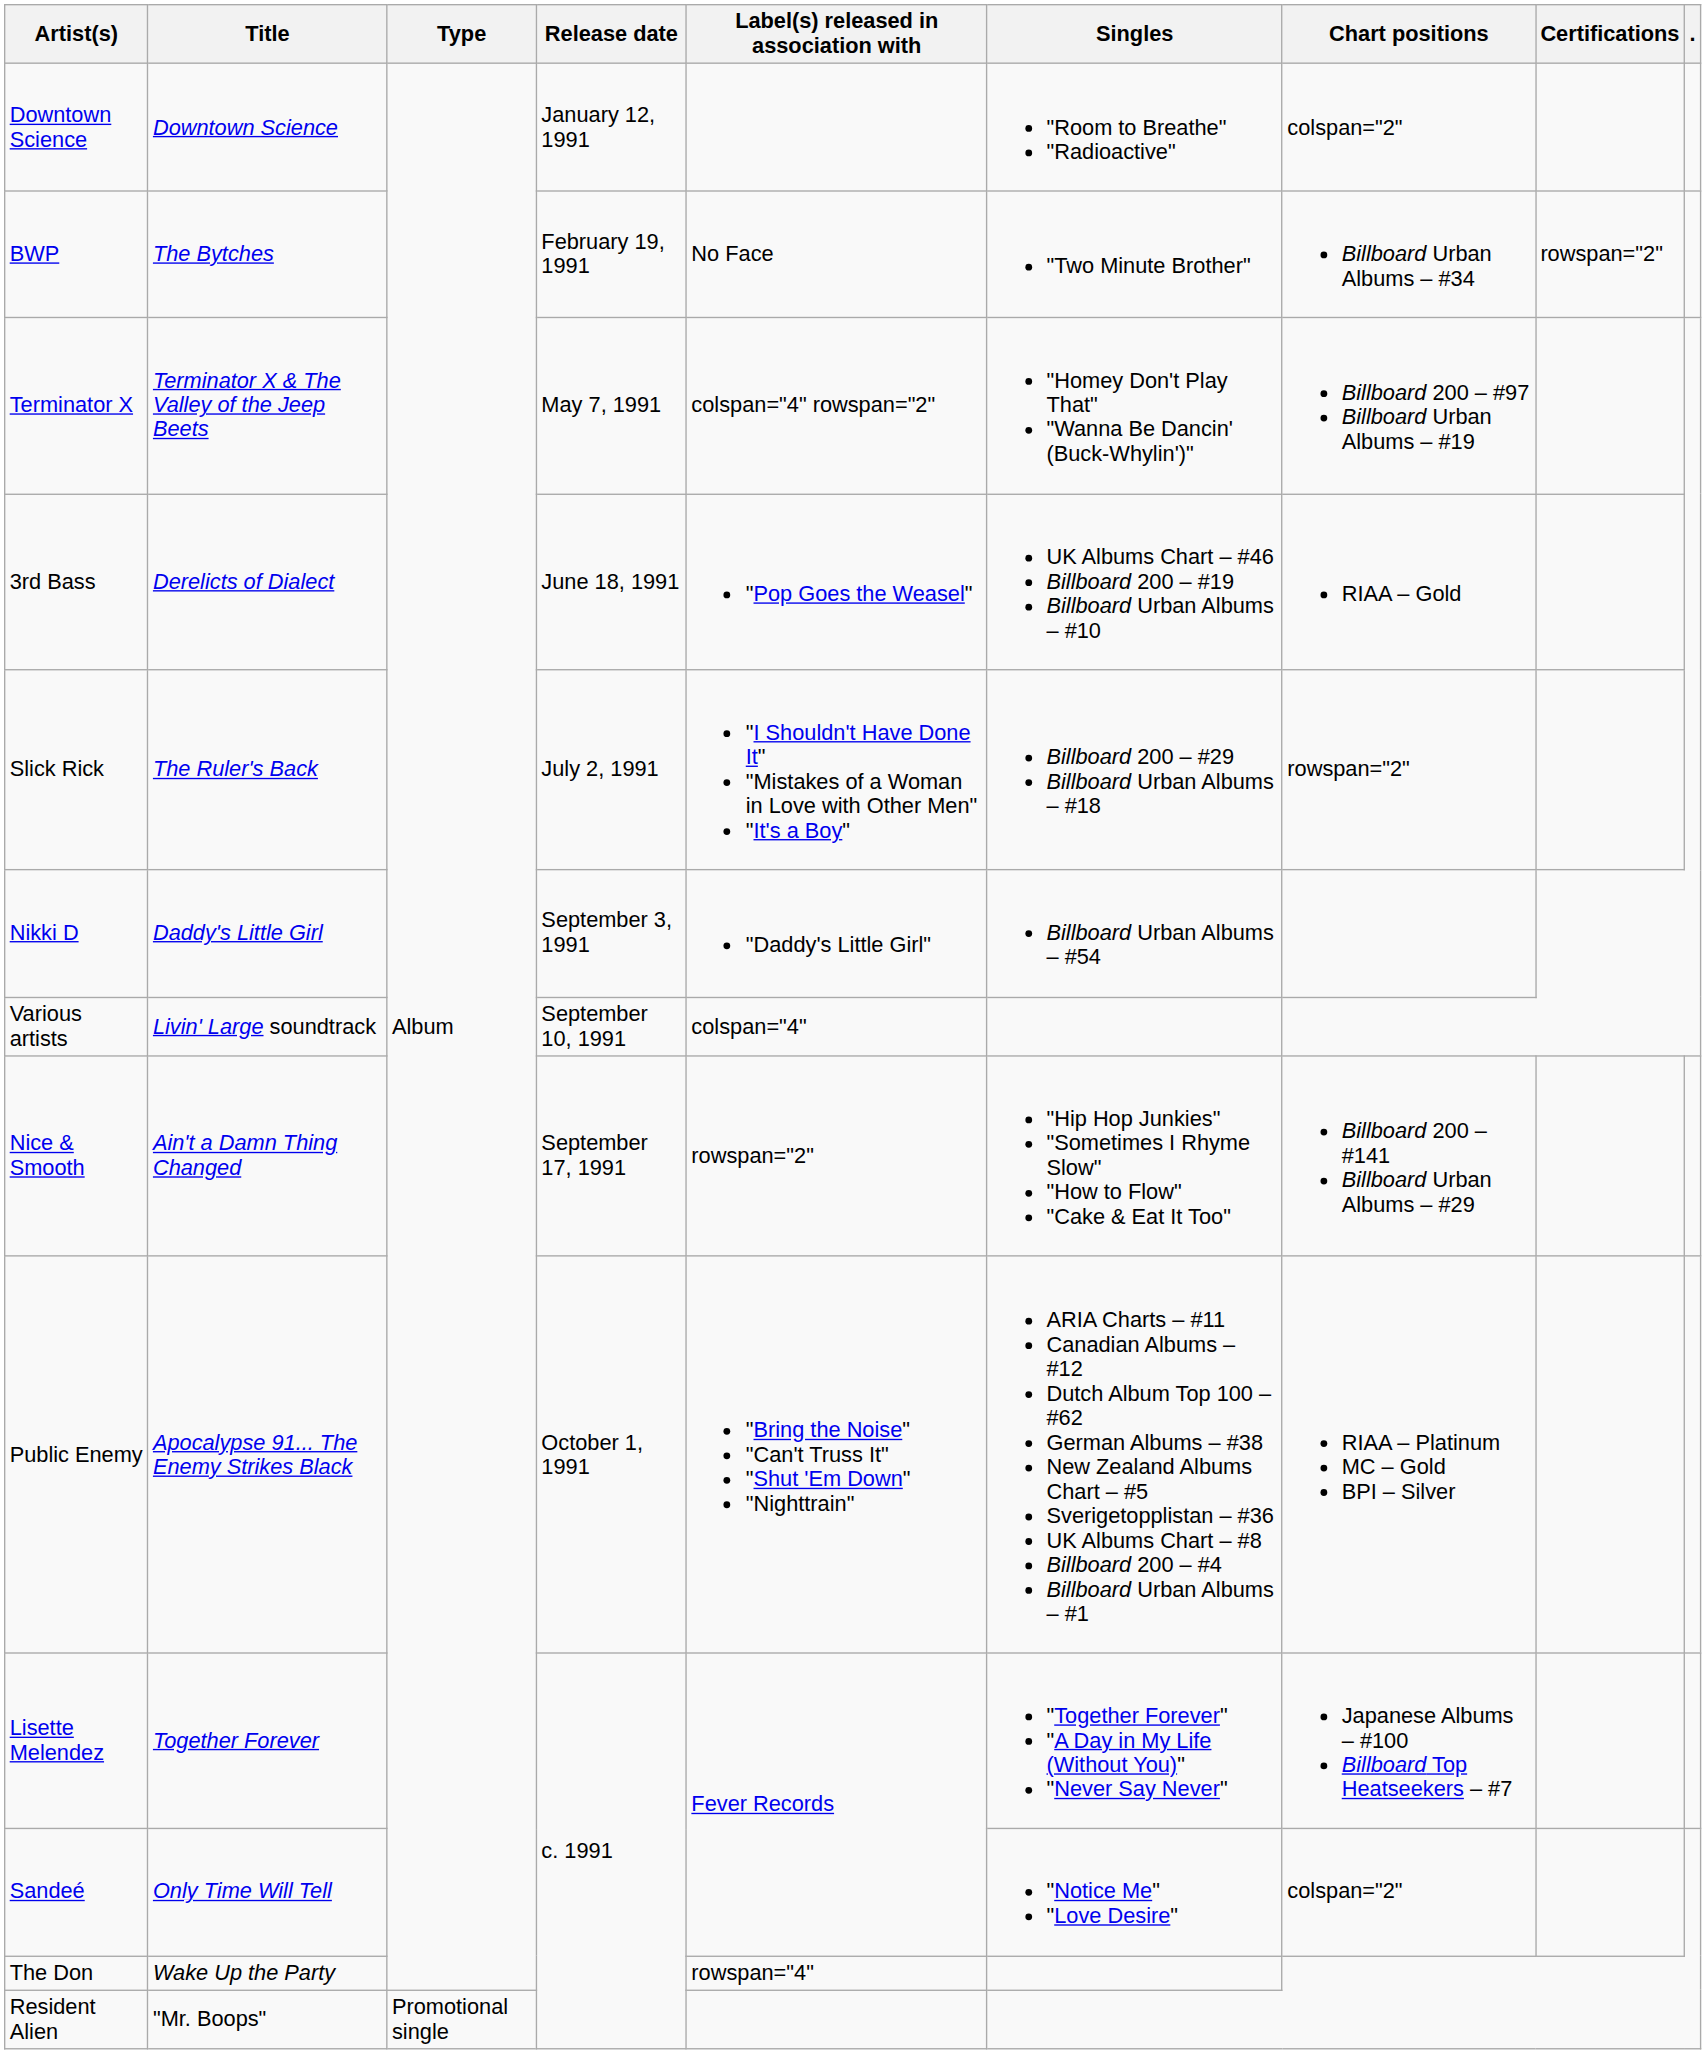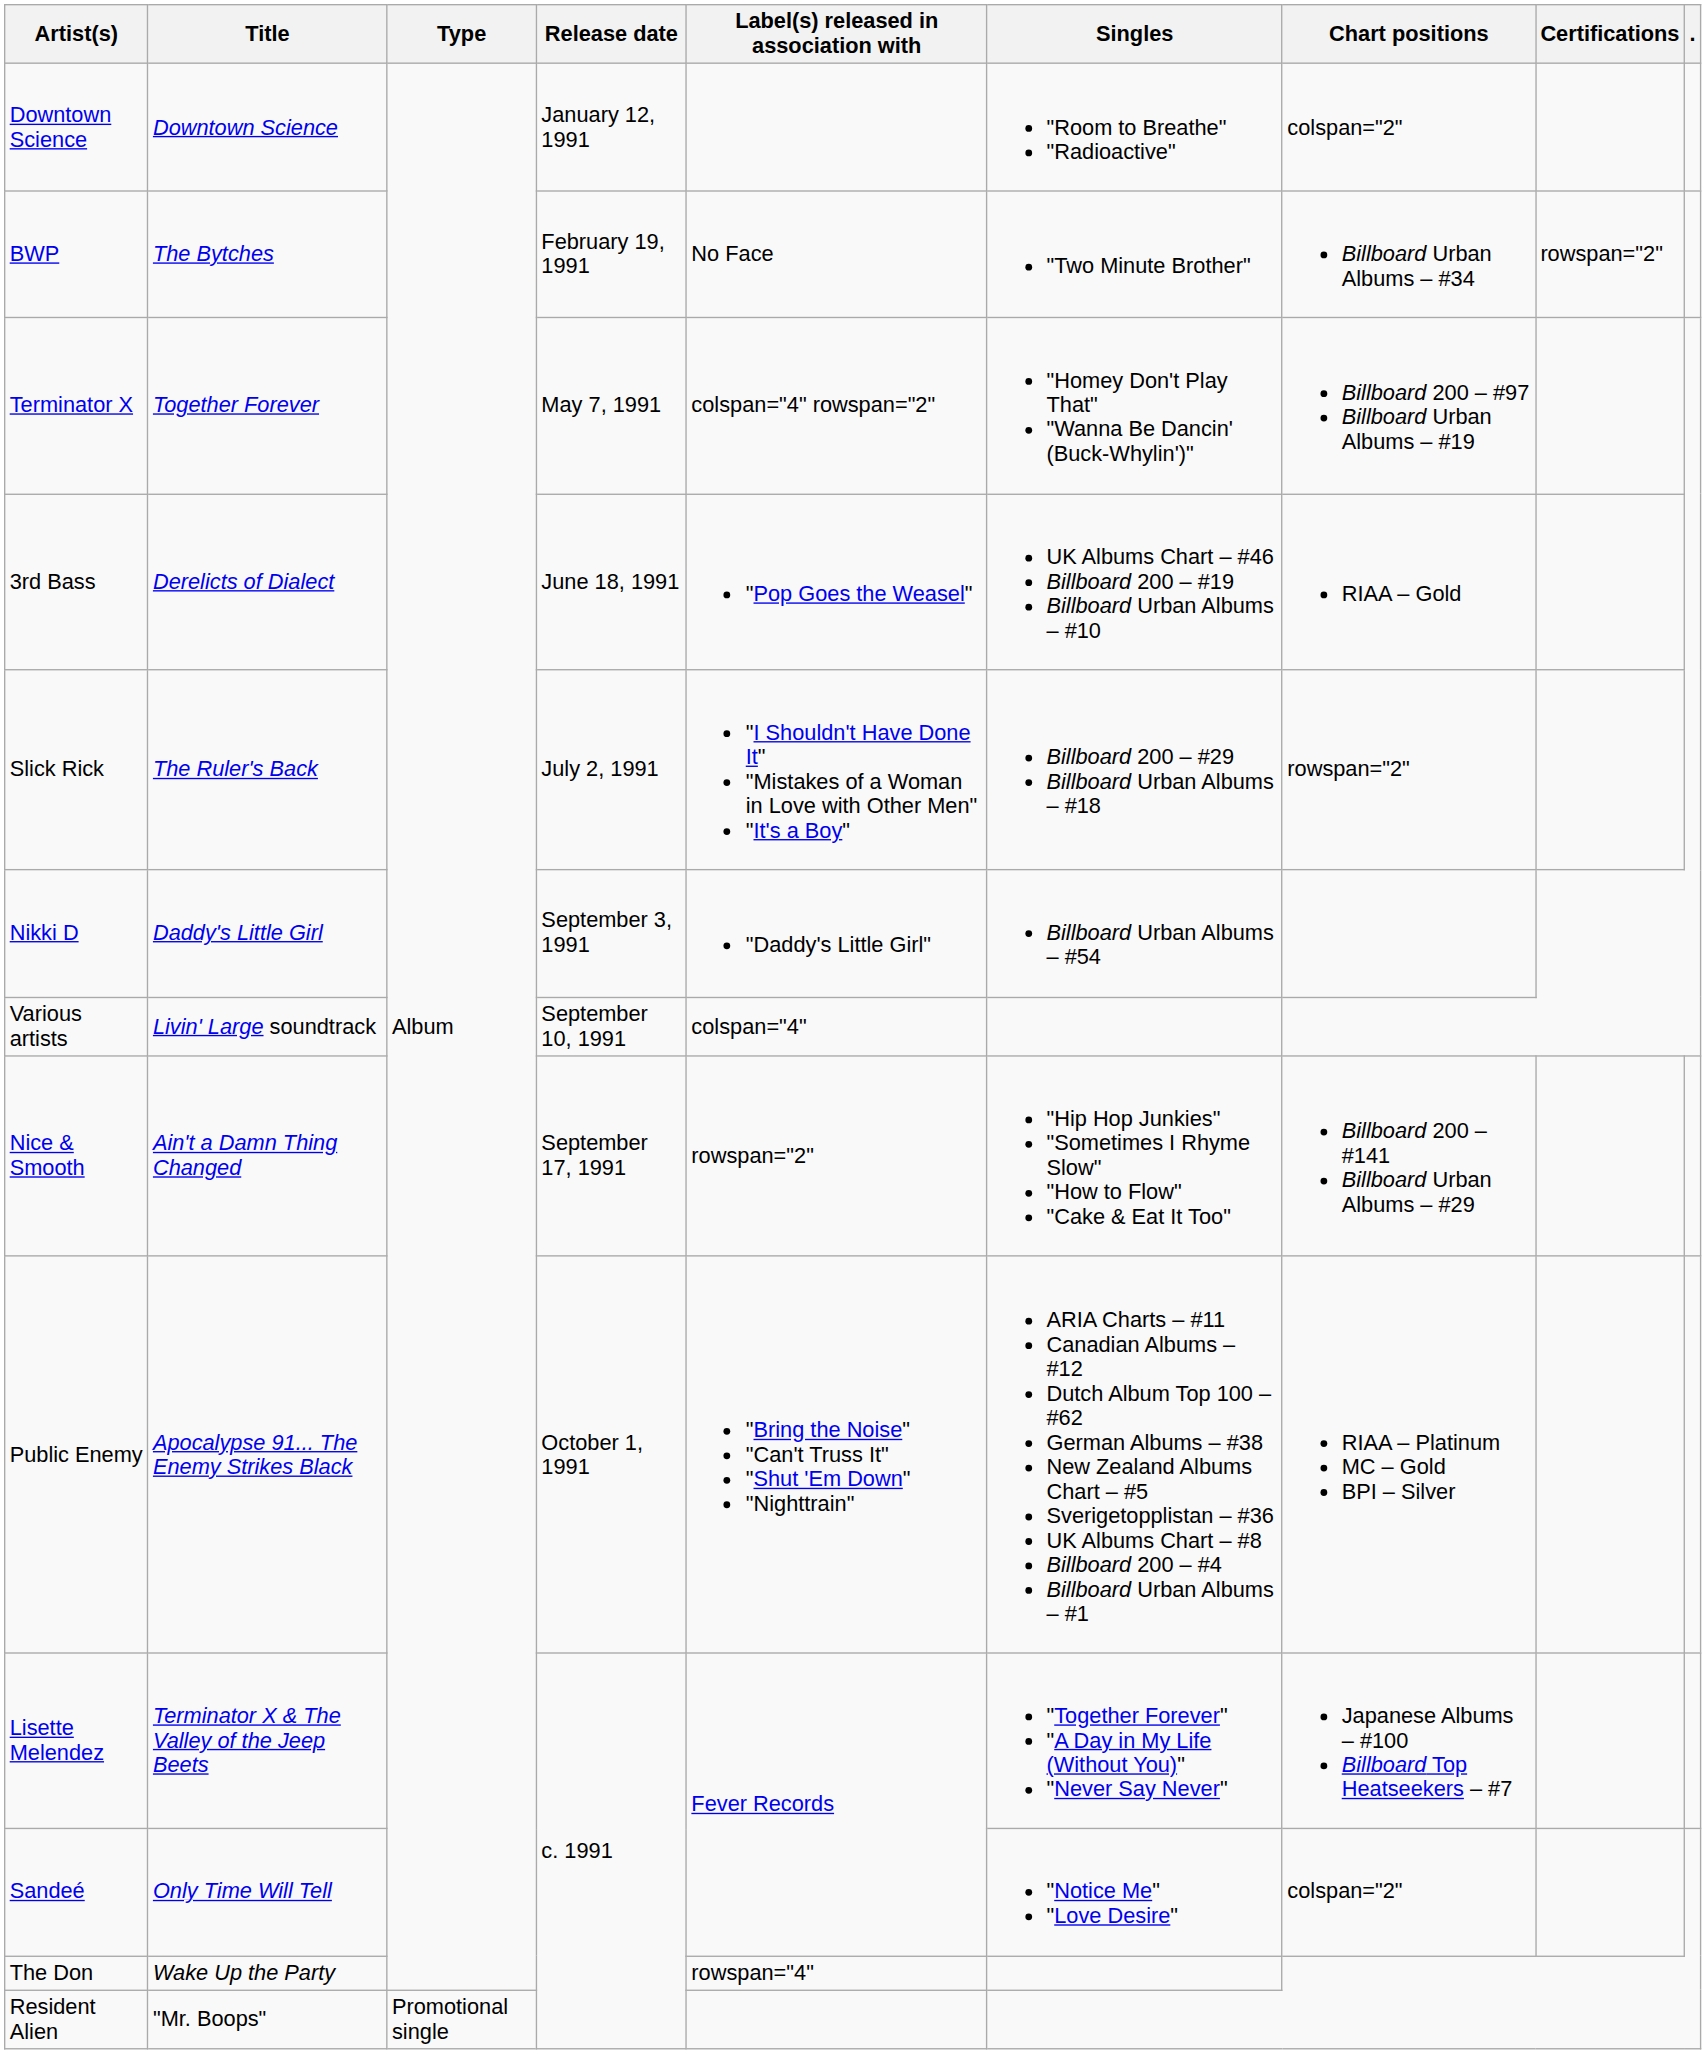 <table class="wikitable">
 <tr>
 <th>Artist(s)</th>
 <th>Title</th>
 <th>Type</th>
 <th>Release date</th>
 <th>Label(s) released in association with</th>
 <th>Singles</th>
 <th>Chart positions</th>
 <th>Certifications</th>
 <th>.</th>
 </tr>
 <tr>
 <td><a href='#'>Downtown Science</a></td>
 <td><a href='#'><em>Downtown Science</em></a></td>
 <td rowspan="12">Album</td>
 <td>January 12, 1991</td>
 <td></td>
 <td><br><ul><li>"Room to Breathe"</li><li>"Radioactive"</li></ul></td>
 <td>colspan="2" </td>
 <td></td>
 </tr>
 <tr>
 <td><a href='#'>BWP</a></td>
 <td><em><a href='#'>The Bytches</a></em></td>
 <td>February 19, 1991</td>
 <td>No Face</td>
 <td><br><ul><li>"Two Minute Brother"</li></ul></td>
 <td><br><ul><li><em>Billboard</em> Urban Albums – #34</li></ul></td>
 <td>rowspan="2" </td>
 <td></td>
 </tr>
 <tr>
 <td><a href='#'>Terminator X</a></td>
-<td><em><a href='#'>Terminator X & The Valley of the Jeep Beets</a></em></td>
+<td><a href='#'><em>Together Forever</em></a></td>
 <td>May 7, 1991</td>
 <td>colspan="4" rowspan="2" </td>
 <td><br><ul><li>"Homey Don't Play That"</li><li>"Wanna Be Dancin' (Buck-Whylin')"</li></ul></td>
 <td><br><ul><li><em>Billboard</em> 200 – #97</li><li><em>Billboard</em> Urban Albums – #19</li></ul></td>
 <td></td>
 </tr>
 <tr>
 <td>3rd Bass</td>
 <td><em><a href='#'>Derelicts of Dialect</a></em></td>
 <td>June 18, 1991</td>
 <td><br><ul><li>"<a href='#'>Pop Goes the Weasel</a>"</li></ul></td>
 <td><br><ul><li>UK Albums Chart – #46</li><li><em>Billboard</em> 200 – #19</li><li><em>Billboard</em> Urban Albums – #10</li></ul></td>
 <td><br><ul><li>RIAA – Gold</li></ul></td>
 <td></td>
 </tr>
 <tr>
 <td>Slick Rick</td>
 <td><em><a href='#'>The Ruler's Back</a></em></td>
 <td>July 2, 1991</td>
 <td><br><ul><li>"<a href='#'>I Shouldn't Have Done It</a>"</li><li>"Mistakes of a Woman in Love with Other Men"</li><li>"<a href='#'>It's a Boy</a>"</li></ul></td>
 <td><br><ul><li><em>Billboard</em> 200 – #29</li><li><em>Billboard</em> Urban Albums – #18</li></ul></td>
 <td>rowspan="2" </td>
 <td></td>
 </tr>
 <tr>
 <td><a href='#'>Nikki D</a></td>
 <td><a href='#'><em>Daddy's Little Girl</em></a></td>
 <td>September 3, 1991</td>
 <td><br><ul><li>"Daddy's Little Girl"</li></ul></td>
 <td><br><ul><li><em>Billboard</em> Urban Albums – #54</li></ul></td>
 <td></td>
 </tr>
 <tr>
 <td>Various artists</td>
 <td><em><a href='#'>Livin' Large</a></em> soundtrack</td>
 <td>September 10, 1991</td>
 <td>colspan="4" </td>
 <td></td>
 </tr>
 <tr>
 <td><a href='#'>Nice & Smooth</a></td>
 <td><em><a href='#'>Ain't a Damn Thing Changed</a></em></td>
 <td>September 17, 1991</td>
 <td>rowspan="2" </td>
 <td><br><ul><li>"Hip Hop Junkies"</li><li>"Sometimes I Rhyme Slow"</li><li>"How to Flow"</li><li>"Cake & Eat It Too"</li></ul></td>
 <td><br><ul><li><em>Billboard</em> 200 – #141</li><li><em>Billboard</em> Urban Albums – #29</li></ul></td>
 <td></td>
 <td></td>
 </tr>
 <tr>
 <td>Public Enemy</td>
 <td><em><a href='#'>Apocalypse 91... The Enemy Strikes Black</a></em></td>
 <td>October 1, 1991</td>
 <td><br><ul><li>"<a href='#'>Bring the Noise</a>"</li><li>"Can't Truss It"</li><li>"<a href='#'>Shut 'Em Down</a>"</li><li>"Nighttrain"</li></ul></td>
 <td><br><ul><li>ARIA Charts – #11</li><li>Canadian Albums – #12</li><li>Dutch Album Top 100 – #62</li><li>German Albums – #38</li><li>New Zealand Albums Chart – #5</li><li>Sverigetopplistan – #36</li><li>UK Albums Chart – #8</li><li><em>Billboard</em> 200 – #4</li><li><em>Billboard</em> Urban Albums – #1</li></ul></td>
 <td><br><ul><li>RIAA – Platinum</li><li>MC – Gold</li><li>BPI – Silver</li></ul></td>
 <td></td>
 </tr>
 <tr>
 <td><a href='#'>Lisette Melendez</a></td>
-<td><a href='#'><em>Together Forever</em></a></td>
+<td><em><a href='#'>Terminator X & The Valley of the Jeep Beets</a></em></td>
 <td rowspan="4">c. 1991</td>
 <td rowspan="2"><a href='#'>Fever Records</a></td>
 <td><br><ul><li>"<a href='#'>Together Forever</a>"</li><li>"<a href='#'>A Day in My Life (Without You)</a>"</li><li>"<a href='#'>Never Say Never</a>"</li></ul></td>
 <td><br><ul><li>Japanese Albums – #100</li><li><a href='#'><em>Billboard</em> Top Heatseekers</a> – #7</li></ul></td>
 <td></td>
 <td></td>
 </tr>
 <tr>
 <td><a href='#'>Sandeé</a></td>
 <td><a href='#'><em>Only Time Will Tell</em></a></td>
 <td><br><ul><li>"<a href='#'>Notice Me</a>"</li><li>"<a href='#'>Love Desire</a>"</li></ul></td>
 <td>colspan="2" </td>
 <td></td>
 </tr>
 <tr>
 <td>The Don</td>
 <td><em>Wake Up the Party</em></td>
 <td>rowspan="4" </td>
 <td></td>
 </tr>
 <tr>
 <td>Resident Alien</td>
 <td>"Mr. Boops"</td>
 <td>Promotional single</td>
 <td></td>
 </tr>
 </table>
